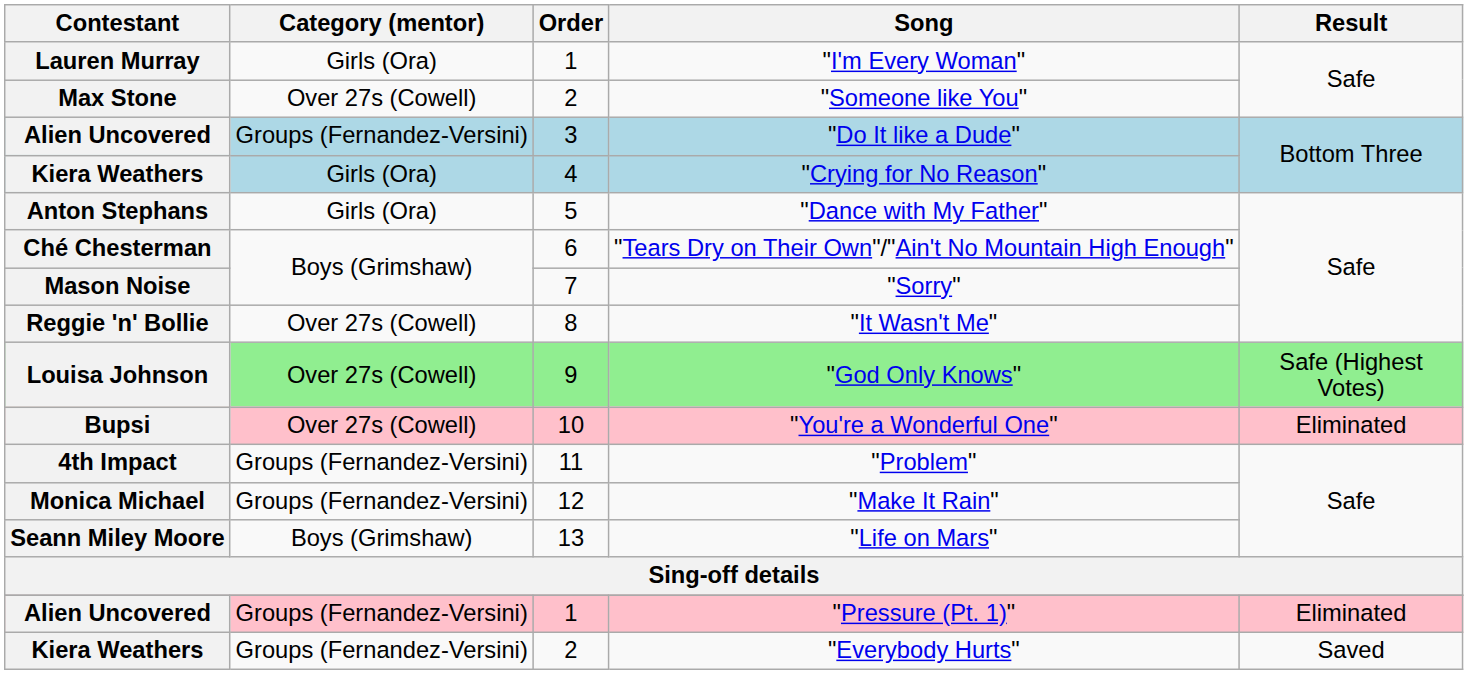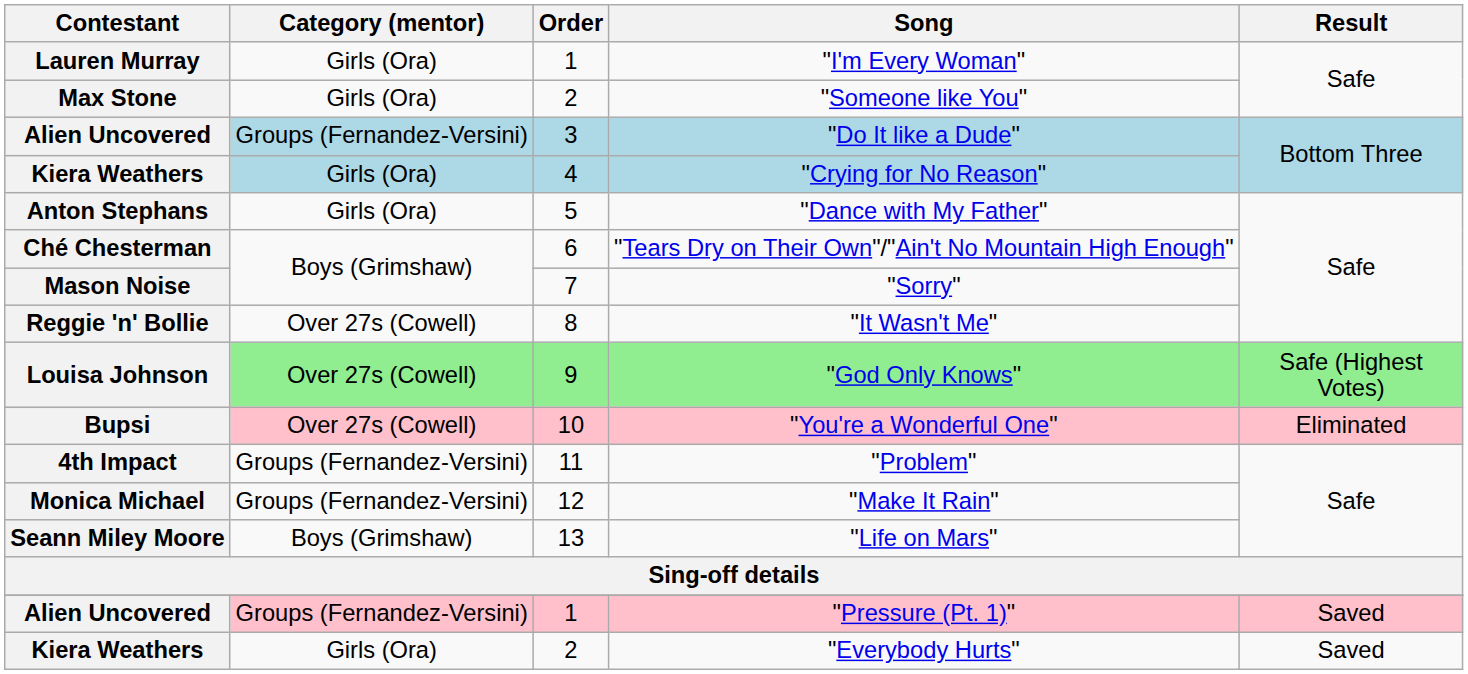 <table class="wikitable plainrowheaders" style="text-align:center;">
 <tr>
 <th scope="col">Contestant</th>
 <th scope="col">Category (mentor)</th>
 <th scope="col">Order</th>
 <th scope="col">Song</th>
 <th scope="col" style="width:9em;">Result</th>
 </tr>
 <tr>
 <th scope="row">Lauren Murray</th>
 <td>Girls (Ora)</td>
 <td>1</td>
 <td>"<a href='#'>I'm Every Woman</a>"</td>
 <td rowspan=2>Safe</td>
 </tr>
 <tr>
 <th scope="row">Max Stone</th>
-<td>Over 27s (Cowell)</td>
+<td>Girls (Ora)</td>
 <td>2</td>
 <td>"<a href='#'>Someone like You</a>"</td>
 </tr>
 <tr style="background:lightblue;">
 <th scope="row">Alien Uncovered</th>
 <td>Groups (Fernandez-Versini)</td>
 <td>3</td>
 <td>"<a href='#'>Do It like a Dude</a>"</td>
 <td rowspan=2>Bottom Three</td>
 </tr>
 <tr style="background:lightblue;">
 <th scope="row">Kiera Weathers</th>
 <td>Girls (Ora)</td>
 <td>4</td>
 <td>"<a href='#'>Crying for No Reason</a>"</td>
 </tr>
 <tr>
 <th scope="row">Anton Stephans</th>
 <td>Girls (Ora)</td>
 <td>5</td>
 <td>"<a href='#'>Dance with My Father</a>"</td>
 <td rowspan=4>Safe</td>
 </tr>
 <tr>
 <th scope="row">Ché Chesterman</th>
 <td rowspan="2">Boys (Grimshaw)</td>
 <td>6</td>
 <td>"<a href='#'>Tears Dry on Their Own</a>"/"<a href='#'>Ain't No Mountain High Enough</a>"</td>
 </tr>
 <tr>
 <th scope="row">Mason Noise</th>
 <td>7</td>
 <td>"<a href='#'>Sorry</a>"</td>
 </tr>
 <tr>
 <th scope="row">Reggie 'n' Bollie</th>
 <td>Over 27s (Cowell)</td>
 <td>8</td>
 <td>"<a href='#'>It Wasn't Me</a>"</td>
 </tr>
 <tr style="background:lightgreen;">
 <th scope="row">Louisa Johnson</th>
 <td>Over 27s (Cowell)</td>
 <td>9</td>
 <td>"<a href='#'>God Only Knows</a>"</td>
 <td>Safe (Highest Votes)</td>
 </tr>
 <tr style="background:pink;">
 <th scope="row">Bupsi</th>
 <td>Over 27s (Cowell)</td>
 <td>10</td>
 <td>"<a href='#'>You're a Wonderful One</a>"</td>
 <td>Eliminated</td>
 </tr>
 <tr>
 <th scope="row">4th Impact</th>
 <td>Groups (Fernandez-Versini)</td>
 <td>11</td>
 <td>"<a href='#'>Problem</a>"</td>
 <td rowspan=3>Safe</td>
 </tr>
 <tr>
 <th scope="row">Monica Michael</th>
 <td>Groups (Fernandez-Versini)</td>
 <td>12</td>
 <td>"<a href='#'>Make It Rain</a>"</td>
 </tr>
 <tr>
 <th scope="row">Seann Miley Moore</th>
 <td>Boys (Grimshaw)</td>
 <td>13</td>
 <td>"<a href='#'>Life on Mars</a>"</td>
 </tr>
 <tr>
 <th colspan="5">Sing-off details</th>
 </tr>
 <tr>
 </tr>
 <tr style="background:pink;">
 <th scope="row">Alien Uncovered</th>
 <td>Groups (Fernandez-Versini)</td>
 <td>1</td>
 <td>"<a href='#'>Pressure (Pt. 1)</a>"</td>
-<td>Eliminated</td>
+<td>Saved</td>
 </tr>
 <tr>
 <th scope="row">Kiera Weathers</th>
-<td>Groups (Fernandez-Versini)</td>
+<td>Girls (Ora)</td>
 <td>2</td>
 <td>"<a href='#'>Everybody Hurts</a>"</td>
 <td>Saved</td>
 </tr>
 </table>
